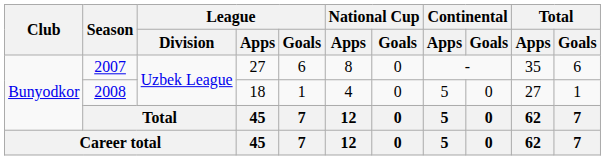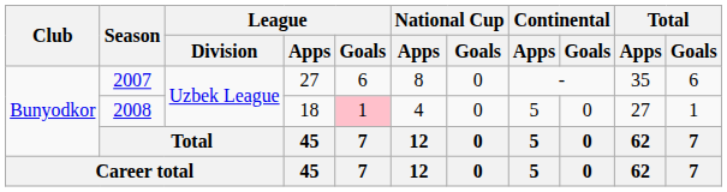 <table class="wikitable" style="text-align: center;">
 <tr>
 <th rowspan="2">Club</th>
 <th rowspan="2">Season</th>
 <th colspan="3">League</th>
 <th colspan="2">National Cup</th>
 <th colspan="2">Continental</th>
 <th colspan="2">Total</th>
 </tr>
 <tr>
 <th>Division</th>
 <th>Apps</th>
 <th>Goals</th>
 <th>Apps</th>
 <th>Goals</th>
 <th>Apps</th>
 <th>Goals</th>
 <th>Apps</th>
 <th>Goals</th>
 </tr>
 <tr>
 <td rowspan="3" valign="center"><a href='#'>Bunyodkor</a></td>
 <td><a href='#'>2007</a></td>
 <td rowspan="2" valign="center"><a href='#'>Uzbek League</a></td>
 <td>27</td>
 <td>6</td>
 <td>8</td>
 <td>0</td>
 <td colspan="2">-</td>
 <td>35</td>
 <td>6</td>
 </tr>
 <tr>
 <td><a href='#'>2008</a></td>
 <td>18</td>
-<td>1</td>
+<td style="background: pink;">1</td>
 <td>4</td>
 <td>0</td>
 <td>5</td>
 <td>0</td>
 <td>27</td>
 <td>1</td>
 </tr>
 <tr>
 <th colspan="2">Total</th>
 <th>45</th>
 <th>7</th>
 <th>12</th>
 <th>0</th>
 <th>5</th>
 <th>0</th>
 <th>62</th>
 <th>7</th>
 </tr>
 <tr>
 <th colspan="3">Career total</th>
 <th>45</th>
 <th>7</th>
 <th>12</th>
 <th>0</th>
 <th>5</th>
 <th>0</th>
 <th>62</th>
 <th>7</th>
 </tr>
 </table>
